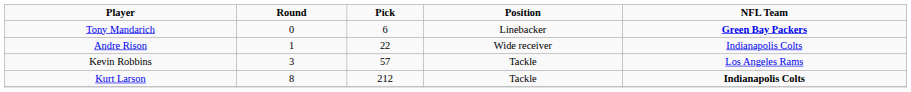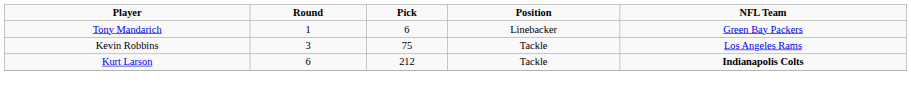 <table class="wikitable" width="70%">
 <tr align="center">
 <td><strong>Player</strong></td>
 <td><strong>Round</strong></td>
 <td><strong>Pick</strong></td>
 <td><strong>Position</strong></td>
 <td><strong>NFL Team</strong></td>
 </tr>
 <tr align="center" bgcolor="">
 <td><a href='#'>Tony Mandarich</a></td>
-<td>0</td>
+<td>1</td>
 <td>6</td>
 <td>Linebacker</td>
-<td><strong><a href='#'>Green Bay Packers</a></strong></td>
-</tr>
-<tr align="center" bgcolor="">
-<td><a href='#'>Andre Rison</a></td>
-<td>1</td>
-<td>22</td>
-<td>Wide receiver</td>
-<td><a href='#'>Indianapolis Colts</a></td>
+<td><a href='#'>Green Bay Packers</a></td>
 </tr>
 <tr align="center" bgcolor="">
 <td>Kevin Robbins</td>
 <td>3</td>
-<td>57</td>
+<td>75</td>
 <td>Tackle</td>
 <td><a href='#'>Los Angeles Rams</a></td>
 </tr>
 <tr align="center" bgcolor="">
 <td><a href='#'>Kurt Larson</a></td>
-<td>8</td>
+<td>6</td>
 <td>212</td>
 <td>Tackle</td>
 <td><strong>Indianapolis Colts</strong></td>
 </tr>
 <tr>
 </tr>
 </table>
